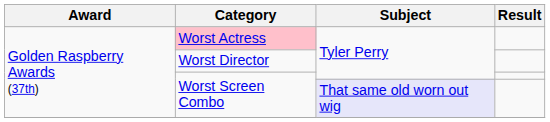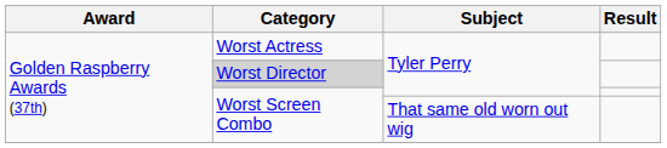 <table class="wikitable">
 <tr>
 <th>Award</th>
 <th>Category</th>
 <th>Subject</th>
 <th>Result</th>
 </tr>
 <tr>
 <td rowspan=4><a href='#'>Golden Raspberry Awards</a><br><small>(<a href='#'>37th</a>)</small></td>
-<td style="background: pink;"><a href='#'>Worst Actress</a></td>
+<td><a href='#'>Worst Actress</a></td>
 <td rowspan=3><a href='#'>Tyler Perry</a></td>
 <td></td>
 </tr>
 <tr>
-<td><a href='#'>Worst Director</a></td>
+<td style="background: lightgrey;"><a href='#'>Worst Director</a></td>
 <td></td>
 </tr>
 <tr>
 <td rowspan=2><a href='#'>Worst Screen Combo</a></td>
 <td></td>
 </tr>
 <tr>
-<td style="background: lavender;"><a href='#'>That same old worn out wig</a></td>
+<td><a href='#'>That same old worn out wig</a></td>
 <td></td>
 </tr>
 <tr>
 </tr>
 </table>
